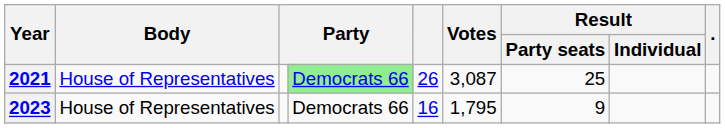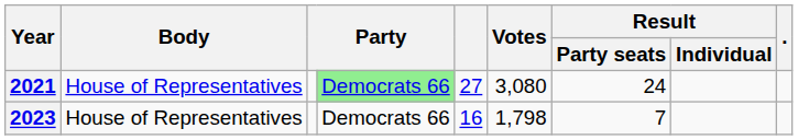 <table class="wikitable plainrowheaders sortable" border=2 cellpadding=4 cellspacing=0 style="border: 1px #aaa solid; font-size: 90%; text-align:center;">
 <tr>
 <th scope="col" rowspan=2>Year</th>
 <th scope="col" rowspan=2>Body</th>
 <th scope="col" colspan=2 rowspan=2>Party</th>
 <th scope="col" rowspan=2></th>
 <th scope="col" rowspan=2>Votes</th>
 <th scope="colgroup" colspan=2>Result</th>
 <th scope="col" rowspan=2 class="unsortable">.</th>
 </tr>
 <tr>
 <th scope="col">Party seats</th>
 <th scope="col">Individual</th>
 </tr>
 <tr>
 <th scope="row"><a href='#'>2021</a></th>
 <td><a href='#'>House of Representatives</a></td>
 <td style="background-color:"></td>
 <td style="background: lightgreen;"><a href='#'>Democrats 66</a></td>
-<td style=text-align:right><a href='#'>26</a></td>
-<td style=text-align:right>3,087</td>
-<td style=text-align:right>25</td>
+<td style=text-align:right><a href='#'>27</a></td>
+<td style=text-align:right>3,080</td>
+<td style=text-align:right>24</td>
 <td></td>
 <td></td>
 </tr>
 <tr>
 <th scope="row"><a href='#'>2023</a></th>
 <td>House of Representatives</td>
 <td style="background-color:"></td>
 <td>Democrats 66</td>
 <td style=text-align:right><a href='#'>16</a></td>
-<td style=text-align:right>1,795</td>
-<td style=text-align:right>9</td>
+<td style=text-align:right>1,798</td>
+<td style=text-align:right>7</td>
 <td></td>
 <td></td>
 </tr>
 </table>
